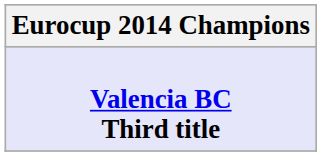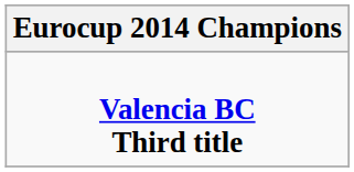 <table class=wikitable style="text-align:center; margin:auto">
 <tr>
 <th>Eurocup 2014 Champions</th>
 </tr>
 <tr>
-<td style="background: lavender;"><br> <strong><a href='#'>Valencia BC</a></strong> <br> <strong>Third title</strong></td>
+<td><br> <strong><a href='#'>Valencia BC</a></strong> <br> <strong>Third title</strong></td>
 </tr>
 </table>
